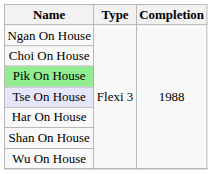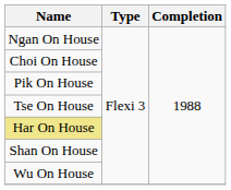 <table class="wikitable" style="text-align: center">
 <tr>
 <th>Name</th>
 <th>Type</th>
 <th>Completion</th>
 </tr>
 <tr>
 <td>Ngan On House</td>
 <td rowspan="7">Flexi 3</td>
 <td rowspan="7">1988</td>
 </tr>
 <tr>
 <td>Choi On House</td>
 </tr>
 <tr>
-<td style="background: lightgreen;">Pik On House</td>
+<td>Pik On House</td>
 </tr>
 <tr>
-<td style="background: lavender;">Tse On House</td>
+<td>Tse On House</td>
 </tr>
 <tr>
-<td>Har On House</td>
+<td style="background: khaki;">Har On House</td>
 </tr>
 <tr>
 <td>Shan On House</td>
 </tr>
 <tr>
 <td>Wu On House</td>
 </tr>
 <tr>
 </tr>
 </table>
